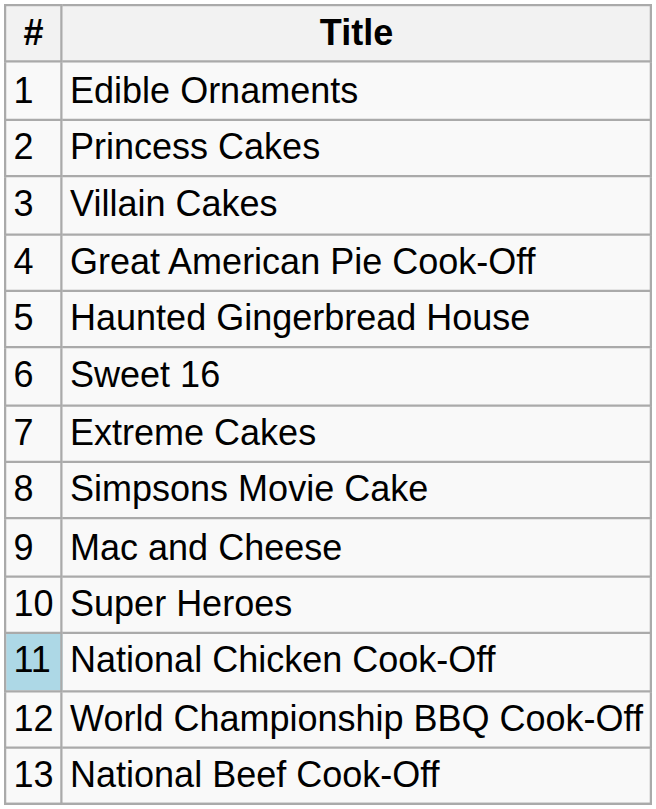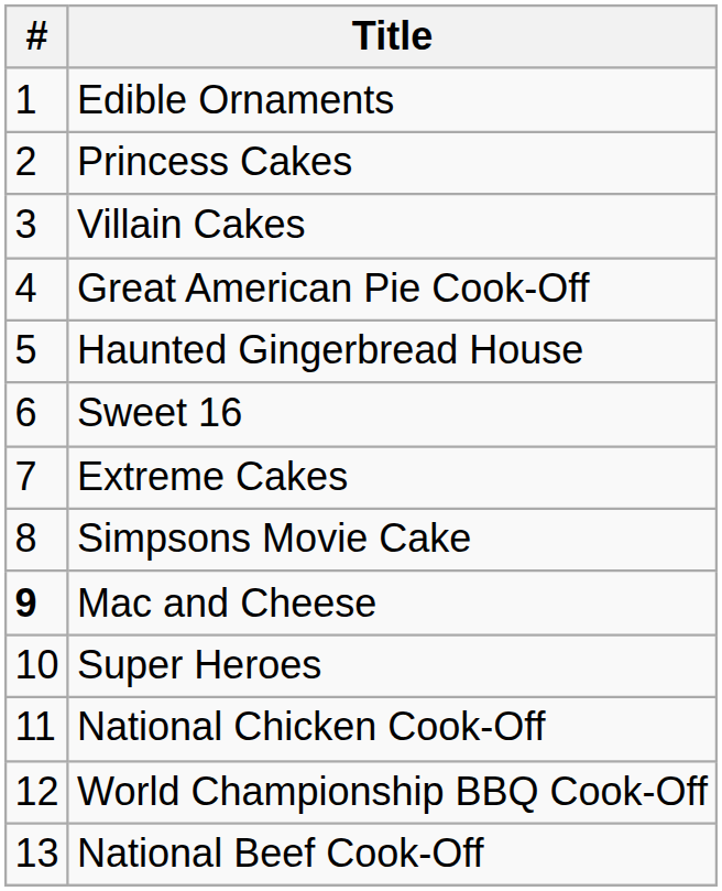 <table class="wikitable">
 <tr>
 <th>#</th>
 <th>Title</th>
 </tr>
 <tr>
 <td>1</td>
 <td>Edible Ornaments</td>
 </tr>
 <tr>
 <td>2</td>
 <td>Princess Cakes</td>
 </tr>
 <tr>
 <td>3</td>
 <td>Villain Cakes</td>
 </tr>
 <tr>
 <td>4</td>
 <td>Great American Pie Cook-Off</td>
 </tr>
 <tr>
 <td>5</td>
 <td>Haunted Gingerbread House</td>
 </tr>
 <tr>
 <td>6</td>
 <td>Sweet 16</td>
 </tr>
 <tr>
 <td>7</td>
 <td>Extreme Cakes</td>
 </tr>
 <tr>
 <td>8</td>
 <td>Simpsons Movie Cake</td>
 </tr>
 <tr>
-<td>9</td>
+<td><strong>9</strong></td>
 <td>Mac and Cheese</td>
 </tr>
 <tr>
 <td>10</td>
 <td>Super Heroes</td>
 </tr>
 <tr>
-<td style="background: lightblue;">11</td>
+<td>11</td>
 <td>National Chicken Cook-Off</td>
 </tr>
 <tr>
 <td>12</td>
 <td>World Championship BBQ Cook-Off</td>
 </tr>
 <tr>
 <td>13</td>
 <td>National Beef Cook-Off</td>
 </tr>
 <tr>
 </tr>
 </table>
